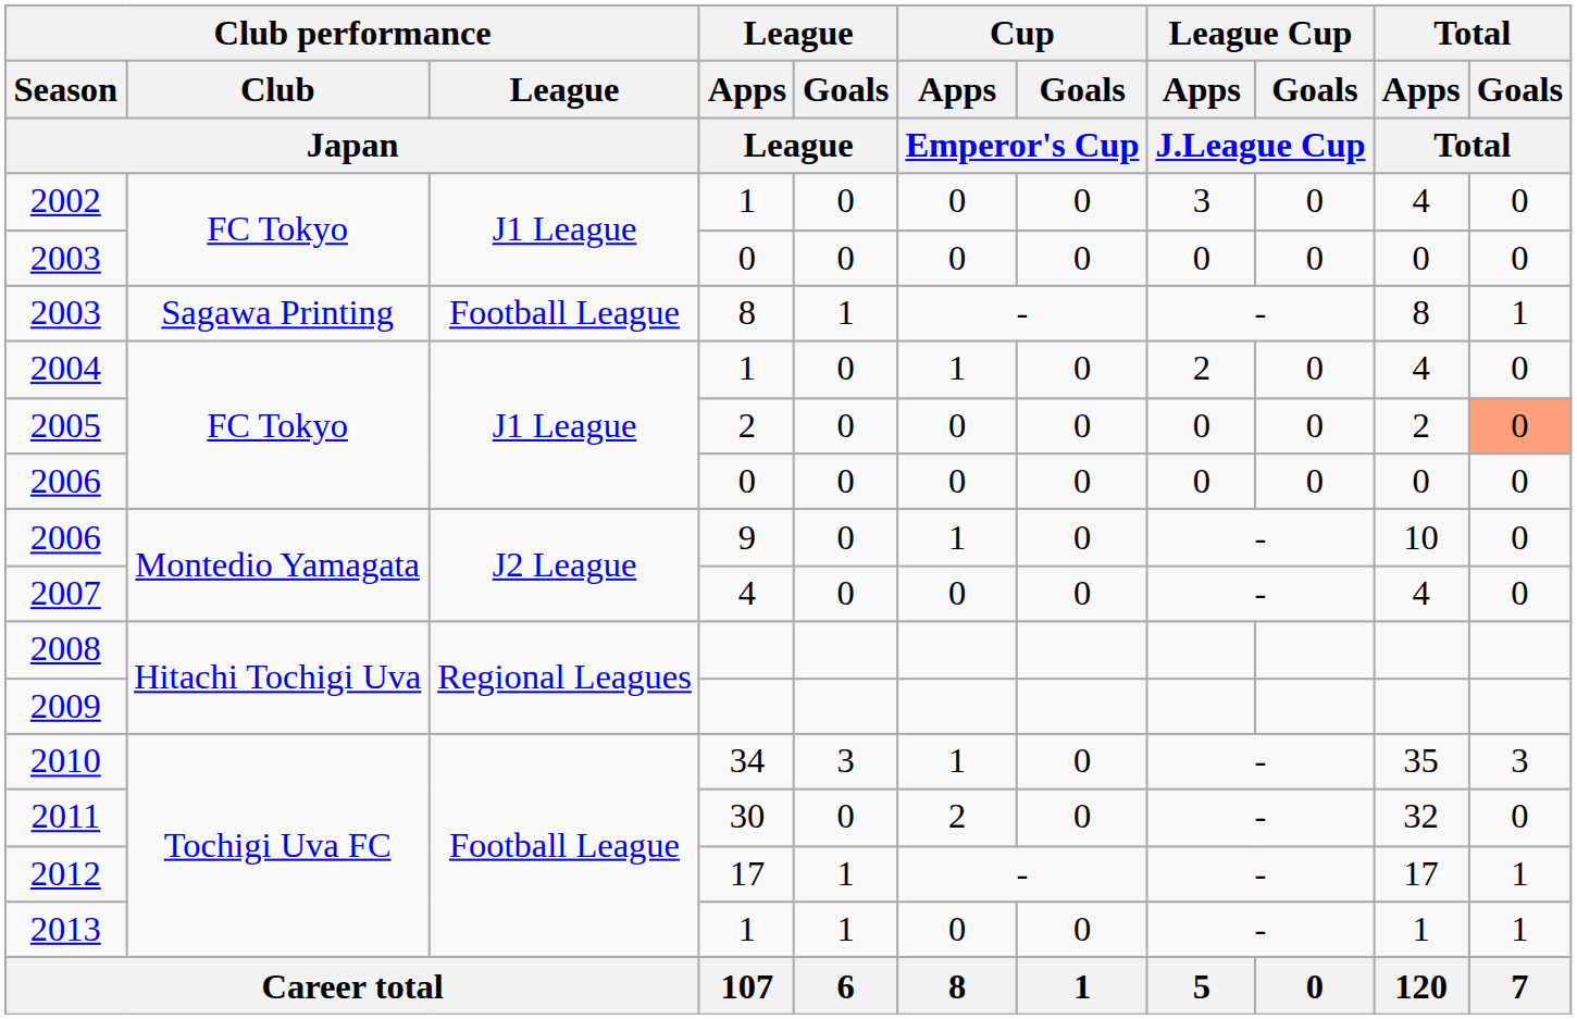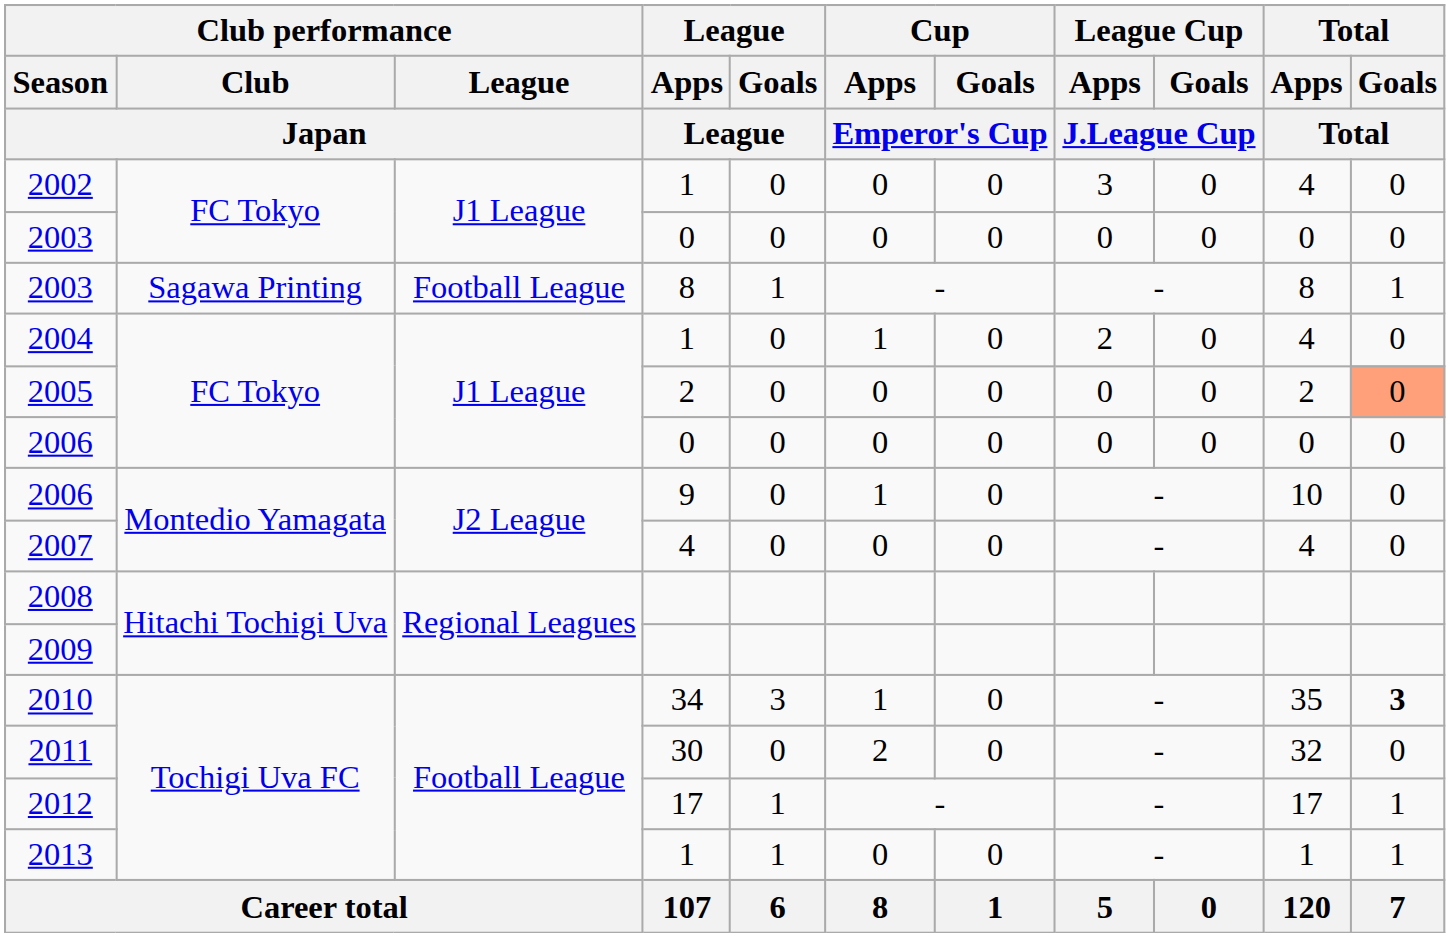 <table class="wikitable" style="text-align:center">
 <tr>
 <th colspan=3>Club performance</th>
 <th colspan=2>League</th>
 <th colspan=2>Cup</th>
 <th colspan=2>League Cup</th>
 <th colspan=2>Total</th>
 </tr>
 <tr>
 <th>Season</th>
 <th>Club</th>
 <th>League</th>
 <th>Apps</th>
 <th>Goals</th>
 <th>Apps</th>
 <th>Goals</th>
 <th>Apps</th>
 <th>Goals</th>
 <th>Apps</th>
 <th>Goals</th>
 </tr>
 <tr>
 <th colspan=3>Japan</th>
 <th colspan=2>League</th>
 <th colspan=2><a href='#'>Emperor's Cup</a></th>
 <th colspan=2><a href='#'>J.League Cup</a></th>
 <th colspan=2>Total</th>
 </tr>
 <tr>
 <td><a href='#'>2002</a></td>
 <td rowspan="2"><a href='#'>FC Tokyo</a></td>
 <td rowspan="2"><a href='#'>J1 League</a></td>
 <td>1</td>
 <td>0</td>
 <td>0</td>
 <td>0</td>
 <td>3</td>
 <td>0</td>
 <td>4</td>
 <td>0</td>
 </tr>
 <tr>
 <td><a href='#'>2003</a></td>
 <td>0</td>
 <td>0</td>
 <td>0</td>
 <td>0</td>
 <td>0</td>
 <td>0</td>
 <td>0</td>
 <td>0</td>
 </tr>
 <tr>
 <td><a href='#'>2003</a></td>
 <td><a href='#'>Sagawa Printing</a></td>
 <td><a href='#'>Football League</a></td>
 <td>8</td>
 <td>1</td>
 <td colspan="2">-</td>
 <td colspan="2">-</td>
 <td>8</td>
 <td>1</td>
 </tr>
 <tr>
 <td><a href='#'>2004</a></td>
 <td rowspan="3"><a href='#'>FC Tokyo</a></td>
 <td rowspan="3"><a href='#'>J1 League</a></td>
 <td>1</td>
 <td>0</td>
 <td>1</td>
 <td>0</td>
 <td>2</td>
 <td>0</td>
 <td>4</td>
 <td>0</td>
 </tr>
 <tr>
 <td><a href='#'>2005</a></td>
 <td>2</td>
 <td>0</td>
 <td>0</td>
 <td>0</td>
 <td>0</td>
 <td>0</td>
 <td>2</td>
 <td style="background: lightsalmon;">0</td>
 </tr>
 <tr>
 <td><a href='#'>2006</a></td>
 <td>0</td>
 <td>0</td>
 <td>0</td>
 <td>0</td>
 <td>0</td>
 <td>0</td>
 <td>0</td>
 <td>0</td>
 </tr>
 <tr>
 <td><a href='#'>2006</a></td>
 <td rowspan="2"><a href='#'>Montedio Yamagata</a></td>
 <td rowspan="2"><a href='#'>J2 League</a></td>
 <td>9</td>
 <td>0</td>
 <td>1</td>
 <td>0</td>
 <td colspan="2">-</td>
 <td>10</td>
 <td>0</td>
 </tr>
 <tr>
 <td><a href='#'>2007</a></td>
 <td>4</td>
 <td>0</td>
 <td>0</td>
 <td>0</td>
 <td colspan="2">-</td>
 <td>4</td>
 <td>0</td>
 </tr>
 <tr>
 <td><a href='#'>2008</a></td>
 <td rowspan="2"><a href='#'>Hitachi Tochigi Uva</a></td>
 <td rowspan="2"><a href='#'>Regional Leagues</a></td>
 <td></td>
 <td></td>
 <td></td>
 <td></td>
 <td></td>
 <td></td>
 <td></td>
 <td></td>
 </tr>
 <tr>
 <td><a href='#'>2009</a></td>
 <td></td>
 <td></td>
 <td></td>
 <td></td>
 <td></td>
 <td></td>
 <td></td>
 <td></td>
 </tr>
 <tr>
 <td><a href='#'>2010</a></td>
 <td rowspan="4"><a href='#'>Tochigi Uva FC</a></td>
 <td rowspan="4"><a href='#'>Football League</a></td>
 <td>34</td>
 <td>3</td>
 <td>1</td>
 <td>0</td>
 <td colspan="2">-</td>
 <td>35</td>
-<td>3</td>
+<td><strong>3</strong></td>
 </tr>
 <tr>
 <td><a href='#'>2011</a></td>
 <td>30</td>
 <td>0</td>
 <td>2</td>
 <td>0</td>
 <td colspan="2">-</td>
 <td>32</td>
 <td>0</td>
 </tr>
 <tr>
 <td><a href='#'>2012</a></td>
 <td>17</td>
 <td>1</td>
 <td colspan="2">-</td>
 <td colspan="2">-</td>
 <td>17</td>
 <td>1</td>
 </tr>
 <tr>
 <td><a href='#'>2013</a></td>
 <td>1</td>
 <td>1</td>
 <td>0</td>
 <td>0</td>
 <td colspan="2">-</td>
 <td>1</td>
 <td>1</td>
 </tr>
 <tr>
 <th colspan=3>Career total</th>
 <th>107</th>
 <th>6</th>
 <th>8</th>
 <th>1</th>
 <th>5</th>
 <th>0</th>
 <th>120</th>
 <th>7</th>
 </tr>
 </table>
